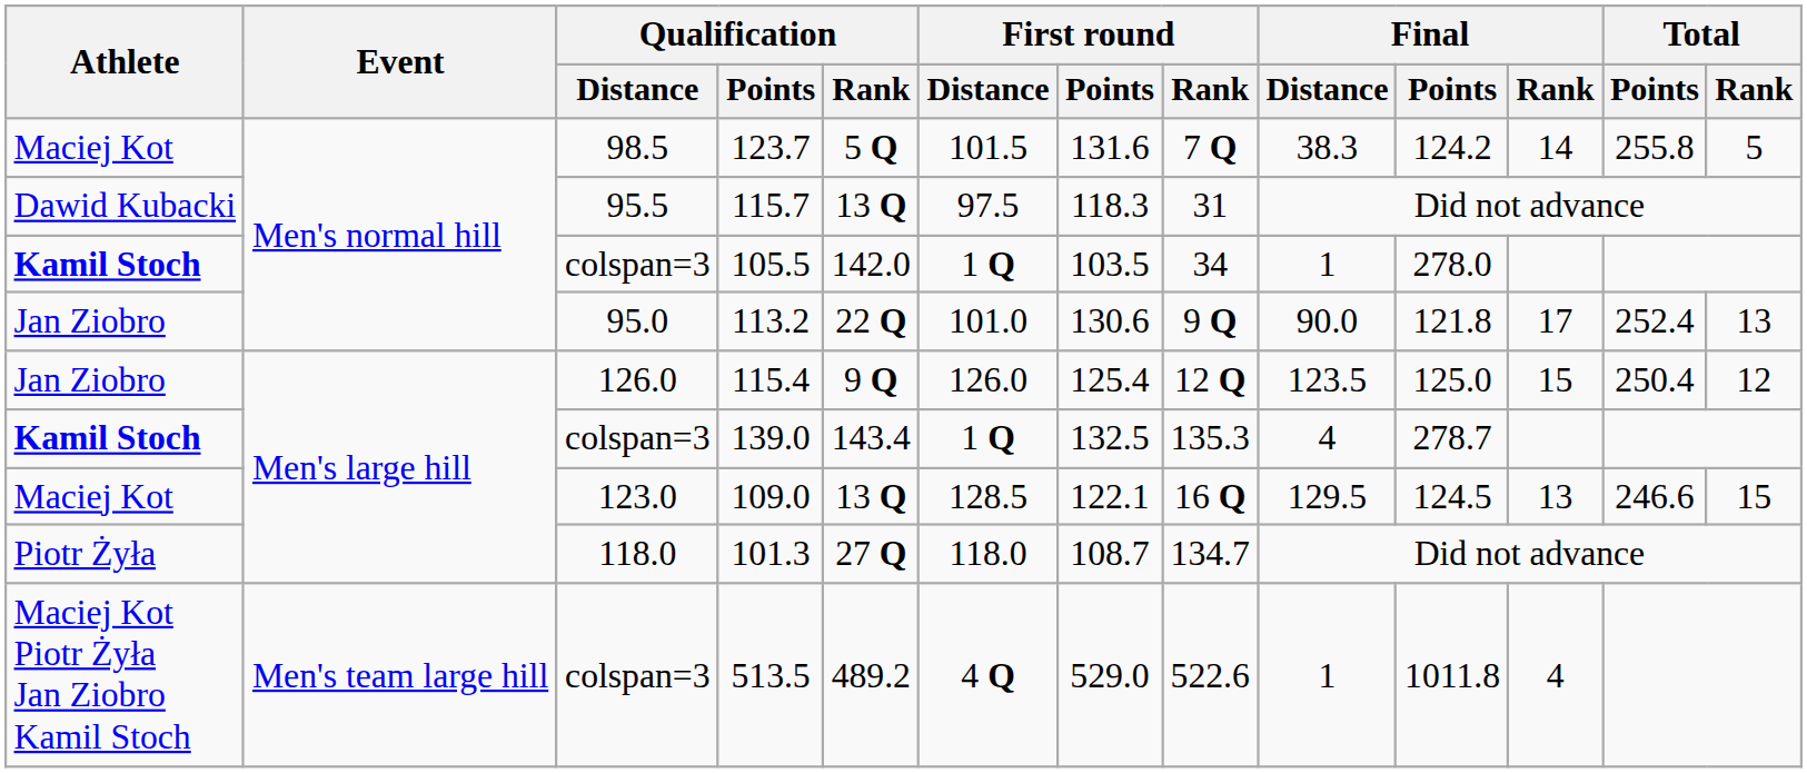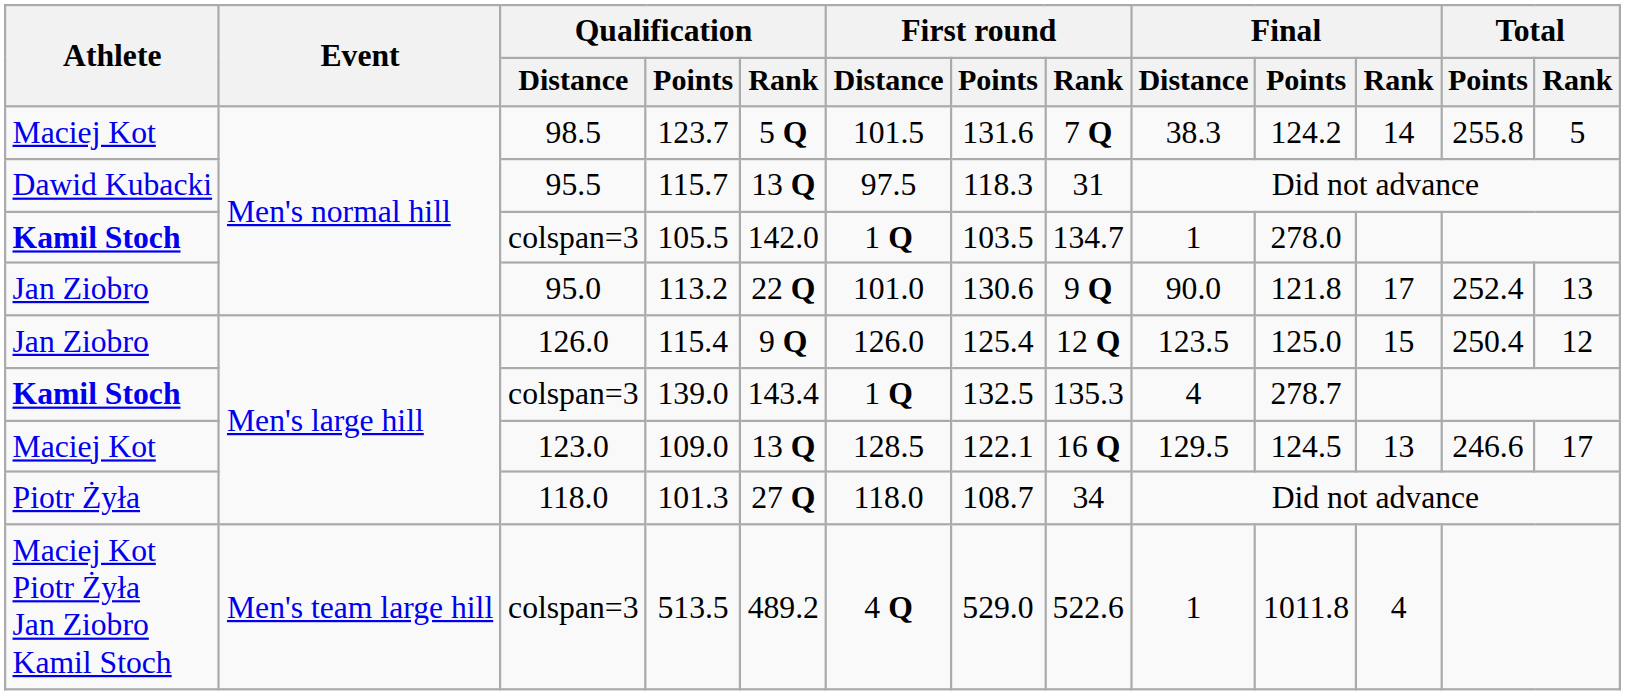 <table class="wikitable" style="font-size:90%">
 <tr>
 <th rowspan=2>Athlete</th>
 <th rowspan=2>Event</th>
 <th colspan=3>Qualification</th>
 <th colspan=3>First round</th>
 <th colspan=3>Final</th>
 <th colspan=2>Total</th>
 </tr>
 <tr style="font-size:95%">
 <th>Distance</th>
 <th>Points</th>
 <th>Rank</th>
 <th>Distance</th>
 <th>Points</th>
 <th>Rank</th>
 <th>Distance</th>
 <th>Points</th>
 <th>Rank</th>
 <th>Points</th>
 <th>Rank</th>
 </tr>
 <tr align=center>
 <td align=left><a href='#'>Maciej Kot</a></td>
 <td align=left rowspan=4><a href='#'>Men's normal hill</a></td>
 <td>98.5</td>
 <td>123.7</td>
 <td>5 <strong>Q</strong></td>
 <td>101.5</td>
 <td>131.6</td>
 <td>7 <strong>Q</strong></td>
 <td>38.3</td>
 <td>124.2</td>
 <td>14</td>
 <td>255.8</td>
 <td>5</td>
 </tr>
 <tr align=center>
 <td align=left><a href='#'>Dawid Kubacki</a></td>
 <td>95.5</td>
 <td>115.7</td>
 <td>13 <strong>Q</strong></td>
 <td>97.5</td>
 <td>118.3</td>
 <td>31</td>
 <td colspan=5>Did not advance</td>
 </tr>
 <tr align=center>
 <td align=left><strong><a href='#'>Kamil Stoch</a></strong></td>
 <td>colspan=3 </td>
 <td>105.5</td>
 <td>142.0</td>
 <td>1 <strong>Q</strong></td>
 <td>103.5</td>
-<td>34</td>
+<td>134.7</td>
 <td>1</td>
 <td>278.0</td>
 <td></td>
 </tr>
 <tr align=center>
 <td align=left><a href='#'>Jan Ziobro</a></td>
 <td>95.0</td>
 <td>113.2</td>
 <td>22 <strong>Q</strong></td>
 <td>101.0</td>
 <td>130.6</td>
 <td>9 <strong>Q</strong></td>
 <td>90.0</td>
 <td>121.8</td>
 <td>17</td>
 <td>252.4</td>
 <td>13</td>
 </tr>
 <tr align=center>
 <td align=left><a href='#'>Jan Ziobro</a></td>
 <td align=left rowspan=4><a href='#'>Men's large hill</a></td>
 <td>126.0</td>
 <td>115.4</td>
 <td>9 <strong>Q</strong></td>
 <td>126.0</td>
 <td>125.4</td>
 <td>12 <strong>Q</strong></td>
 <td>123.5</td>
 <td>125.0</td>
 <td>15</td>
 <td>250.4</td>
 <td>12</td>
 </tr>
 <tr align=center>
 <td align=left><strong><a href='#'>Kamil Stoch</a></strong></td>
 <td>colspan=3 </td>
 <td>139.0</td>
 <td>143.4</td>
 <td>1 <strong>Q</strong></td>
 <td>132.5</td>
 <td>135.3</td>
 <td>4</td>
 <td>278.7</td>
 <td></td>
 </tr>
 <tr align=center>
 <td align=left><a href='#'>Maciej Kot</a></td>
 <td>123.0</td>
 <td>109.0</td>
 <td>13 <strong>Q</strong></td>
 <td>128.5</td>
 <td>122.1</td>
 <td>16 <strong>Q</strong></td>
 <td>129.5</td>
 <td>124.5</td>
 <td>13</td>
 <td>246.6</td>
-<td>15</td>
+<td>17</td>
 </tr>
 <tr align=center>
 <td align=left><a href='#'>Piotr Żyła</a></td>
 <td>118.0</td>
 <td>101.3</td>
 <td>27 <strong>Q</strong></td>
 <td>118.0</td>
 <td>108.7</td>
-<td>134.7</td>
+<td>34</td>
 <td colspan=5>Did not advance</td>
 </tr>
 <tr align=center>
 <td align=left><a href='#'>Maciej Kot</a><br><a href='#'>Piotr Żyła</a><br><a href='#'>Jan Ziobro</a><br><a href='#'>Kamil Stoch</a></td>
 <td align=left><a href='#'>Men's team large hill</a></td>
 <td>colspan=3 </td>
 <td>513.5</td>
 <td>489.2</td>
 <td>4 <strong>Q</strong></td>
 <td>529.0</td>
 <td>522.6</td>
 <td>1</td>
 <td>1011.8</td>
 <td>4</td>
 </tr>
 </table>
